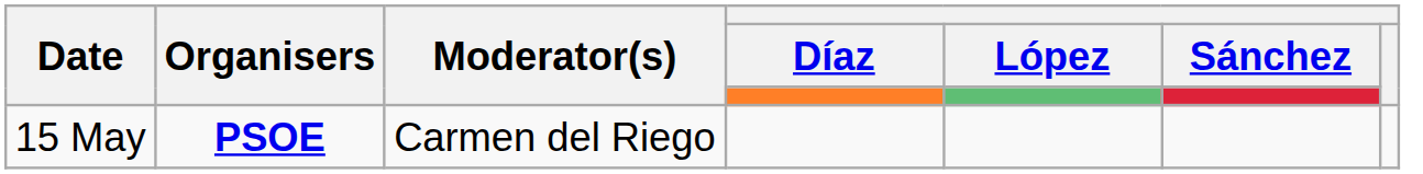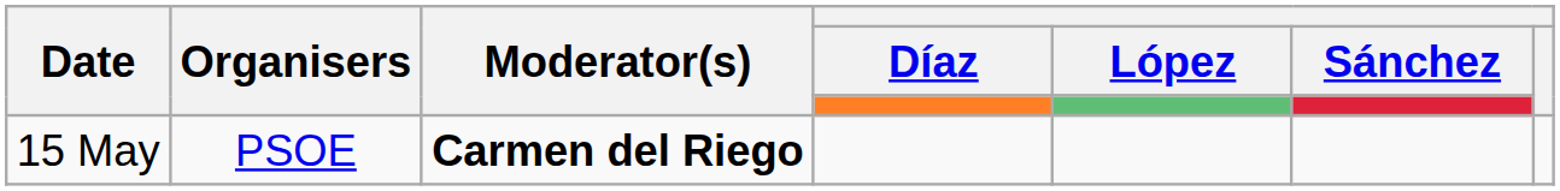 <table class="wikitable" style="font-size:95%; text-align:center;">
 <tr>
 <th rowspan="3">Date</th>
 <th rowspan="3">Organisers</th>
 <th rowspan="3">Moderator(s)</th>
 <th colspan="4">    </th>
 </tr>
 <tr>
 <th scope="col" style="width:5em;"><a href='#'>Díaz</a></th>
 <th scope="col" style="width:5em;"><a href='#'>López</a></th>
 <th scope="col" style="width:5em;"><a href='#'>Sánchez</a></th>
 <th rowspan="2"></th>
 </tr>
 <tr>
 <th style="color:inherit;background:#FF7F27;"></th>
 <th style="color:inherit;background:#5FBE74;"></th>
 <th style="color:inherit;background:#DD2239;"></th>
 </tr>
 <tr>
 <td style="white-space:nowrap; text-align:left;">15 May</td>
-<td style="white-space:nowrap;"><strong><a href='#'>PSOE</a></strong></td>
-<td style="white-space:nowrap;">Carmen del Riego</td>
+<td style="white-space:nowrap;"><a href='#'>PSOE</a></td>
+<td style="white-space:nowrap;"><strong>Carmen del Riego</strong></td>
 <td></td>
 <td></td>
 <td></td>
 <td><br></td>
 </tr>
 </table>
